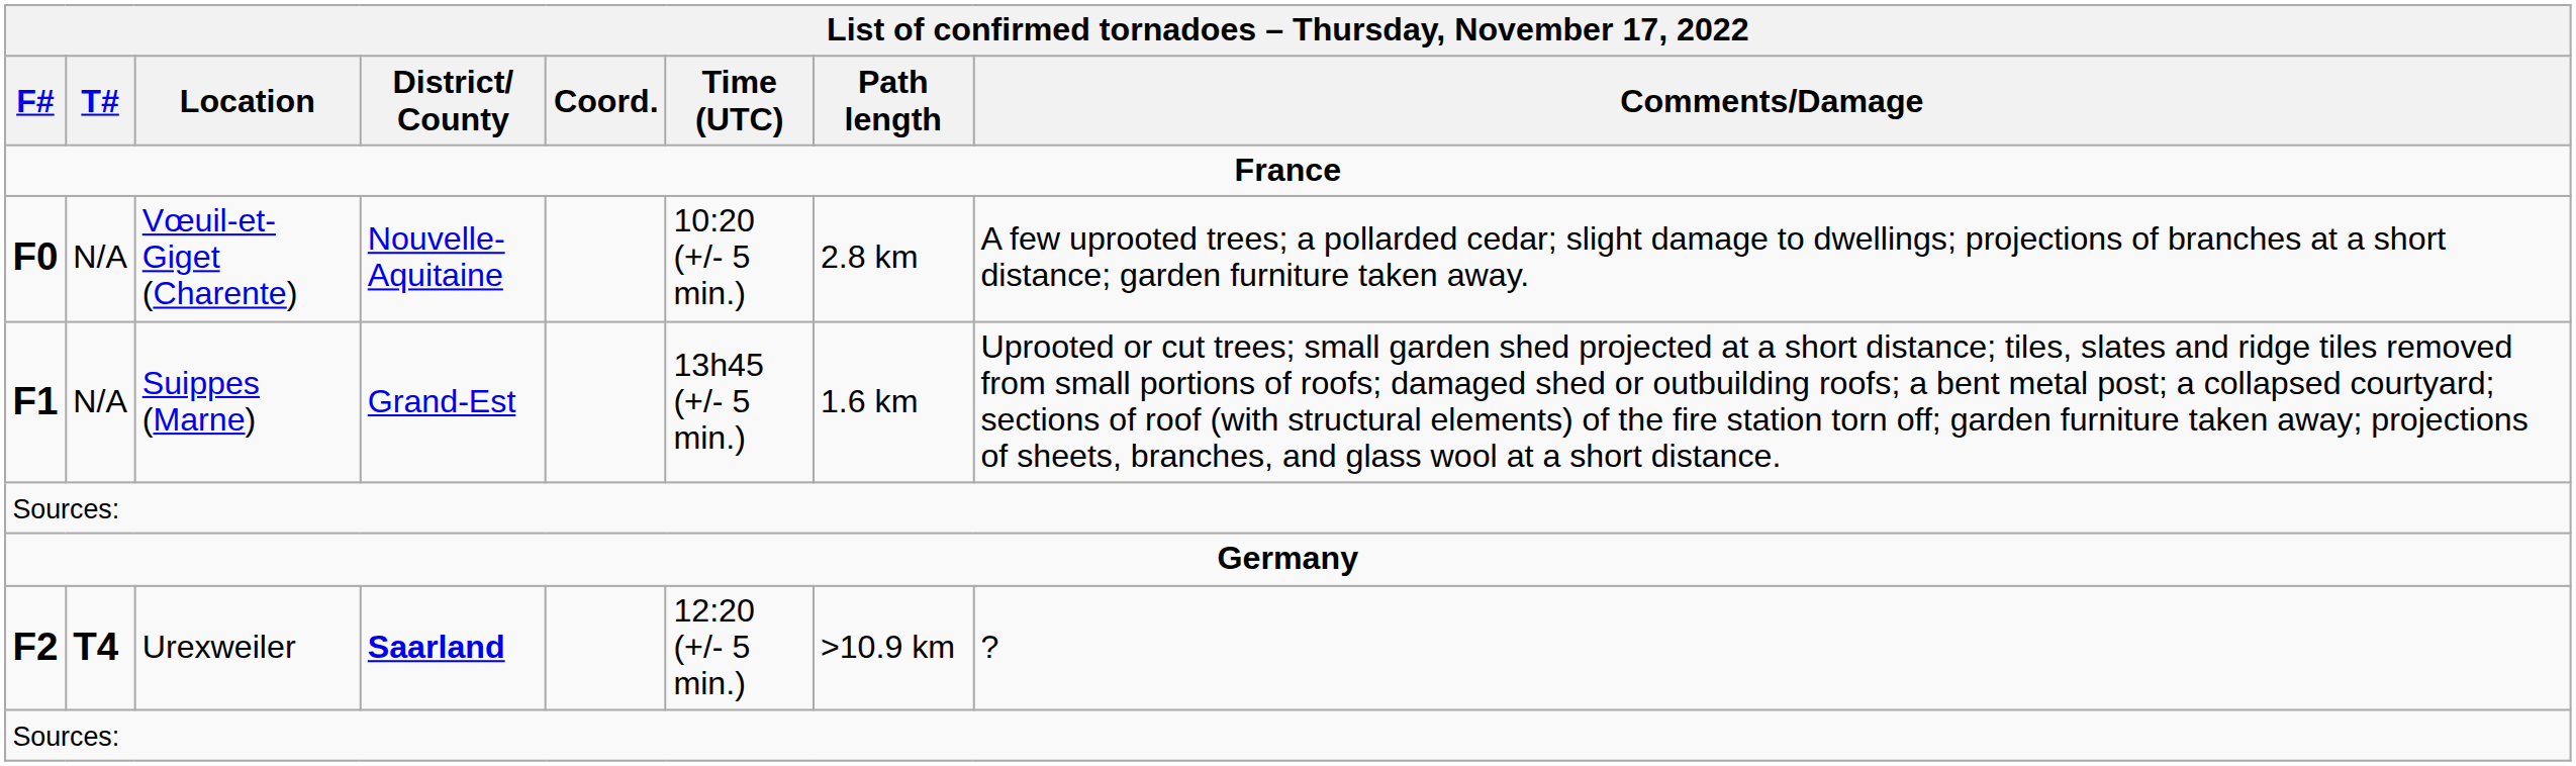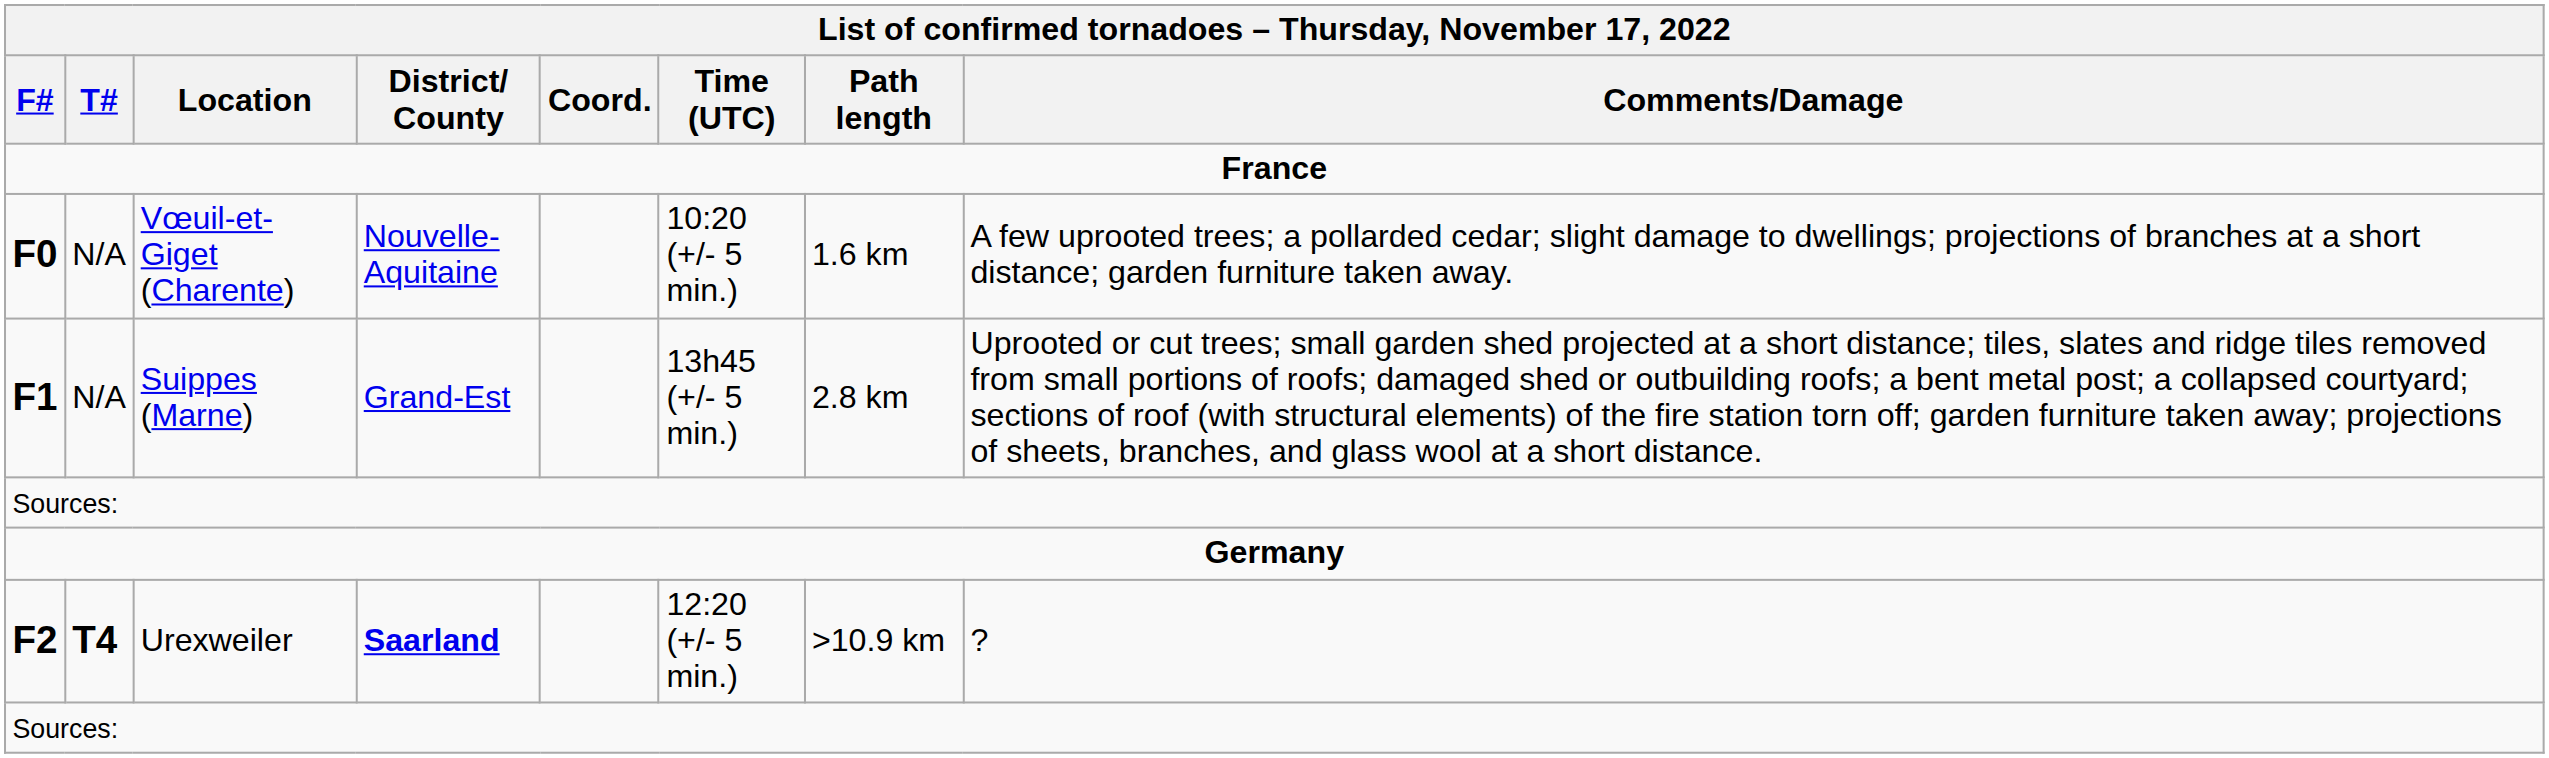 <table class="wikitable collapsible" width="100%">
 <tr>
 <th colspan="8">List of confirmed tornadoes – Thursday, November 17, 2022</th>
 </tr>
 <tr>
 <th><a href='#'>F#</a></th>
 <th><a href='#'>T#</a></th>
 <th>Location</th>
 <th>District/<br>County</th>
 <th>Coord.</th>
 <th>Time (UTC)</th>
 <th>Path length</th>
 <th>Comments/Damage</th>
 </tr>
 <tr>
 <td colspan="8" align=center><strong>France</strong></td>
 </tr>
 <tr>
 <td><big><strong>F0</strong></big></td>
 <td>N/A</td>
 <td><a href='#'>Vœuil-et-Giget</a> (<a href='#'>Charente</a>)</td>
 <td><a href='#'>Nouvelle-Aquitaine</a></td>
 <td></td>
 <td>10:20 (+/- 5 min.)</td>
-<td>2.8 km</td>
+<td>1.6 km</td>
 <td>A few uprooted trees; a pollarded cedar; slight damage to dwellings; projections of branches at a short distance; garden furniture taken away.</td>
 </tr>
 <tr>
 <td><big><strong>F1</strong></big></td>
 <td>N/A</td>
 <td><a href='#'>Suippes</a> (<a href='#'>Marne</a>)</td>
 <td><a href='#'>Grand-Est</a></td>
 <td></td>
 <td>13h45 (+/- 5 min.)</td>
-<td>1.6 km</td>
+<td>2.8 km</td>
 <td>Uprooted or cut trees; small garden shed projected at a short distance; tiles, slates and ridge tiles removed from small portions of roofs; damaged shed or outbuilding roofs; a bent metal post; a collapsed courtyard; sections of roof (with structural elements) of the fire station torn off; garden furniture taken away; projections of sheets, branches, and glass wool at a short distance.</td>
 </tr>
 <tr>
 <td colspan="8"><small>Sources:  </small></td>
 </tr>
 <tr>
 <td colspan="8" align=center><strong>Germany</strong></td>
 </tr>
 <tr>
 <td><big><strong>F2</strong></big></td>
 <td><big><strong>T4</strong></big></td>
 <td>Urexweiler</td>
 <td><strong><a href='#'>Saarland</a></strong></td>
 <td></td>
 <td>12:20 (+/- 5 min.)</td>
 <td>>10.9 km</td>
 <td>?</td>
 </tr>
 <tr>
 <td colspan="8"><small>Sources:  </small></td>
 </tr>
 </table>
